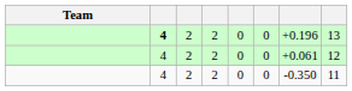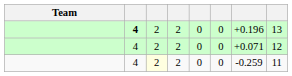 <table class="wikitable" style="text-align:center">
 <tr>
 <th style="width:175px;">Team</th>
 <th style="width:25px;"></th>
 <th style="width:25px;"></th>
 <th style="width:25px;"></th>
 <th style="width:25px;"></th>
 <th style="width:25px;"></th>
 <th style="width:45px;"></th>
 <th style="width:25px;"></th>
 </tr>
 <tr style="background:#cfc;">
 <td align="left"></td>
 <td><strong>4</strong></td>
 <td>2</td>
 <td>2</td>
 <td>0</td>
 <td>0</td>
 <td>+0.196</td>
 <td>13</td>
 </tr>
 <tr style="background:#cfc;">
 <td align="left"></td>
 <td>4</td>
 <td>2</td>
 <td>2</td>
 <td>0</td>
 <td>0</td>
-<td>+0.061</td>
+<td>+0.071</td>
 <td>12</td>
 </tr>
 <tr>
 <td align="left"></td>
 <td>4</td>
-<td>2</td>
+<td style="background: lightyellow;">2</td>
 <td>2</td>
 <td>0</td>
 <td>0</td>
-<td>-0.350</td>
+<td>-0.259</td>
 <td>11</td>
 </tr>
 </table>
